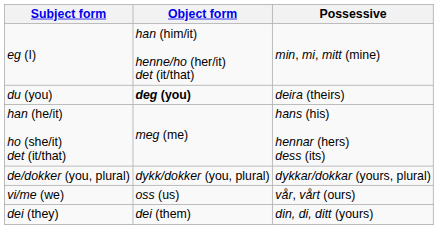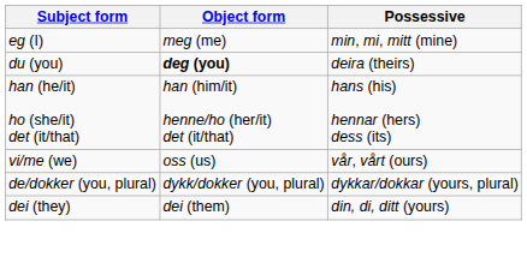 <table class="wikitable">
 <tr>
 <th><a href='#'>Subject form</a></th>
 <th><a href='#'>Object form</a></th>
 <th>Possessive</th>
 </tr>
 <tr>
 <td><em>eg</em> (I)</td>
-<td><em>han</em> (him/it)<br><br><em>henne/ho</em> (her/it)<br> <em>det</em> (it/that)</td>
+<td><em>meg</em> (me)</td>
 <td><em>min</em>, <em>mi</em>, <em>mitt</em> (mine)</td>
 </tr>
 <tr>
 <td><em>du</em> (you)</td>
 <td><strong><em>deg</em> (you)</strong></td>
 <td><em>deira</em> (theirs)</td>
 </tr>
 <tr>
 <td><em>han</em> (he/it)<br><br><em>ho</em> (she/it)<br> <em>det</em> (it/that)</td>
-<td><em>meg</em> (me)</td>
+<td><em>han</em> (him/it)<br><br><em>henne/ho</em> (her/it)<br> <em>det</em> (it/that)</td>
 <td><em>hans</em> (his)<br><br><em>hennar</em> (hers)<br> <em>dess</em> (its)</td>
+</tr>
+<tr>
+<td><em>vi/me</em> (we)</td>
+<td><em>oss</em> (us)</td>
+<td><em>vår</em>, <em>vårt</em> (ours)</td>
 </tr>
 <tr>
 <td><em>de/dokker</em> (you, plural)</td>
 <td><em>dykk/dokker</em> (you, plural)</td>
 <td><em>dykkar/dokkar</em> (yours, plural)</td>
 </tr>
 <tr>
-<td><em>vi/me</em> (we)</td>
-<td><em>oss</em> (us)</td>
-<td><em>vår</em>, <em>vårt</em> (ours)</td>
-</tr>
-<tr>
 <td><em>dei</em> (they)</td>
 <td><em>dei</em> (them)</td>
 <td><em>din, di, ditt</em> (yours)</td>
 </tr>
 </table>
